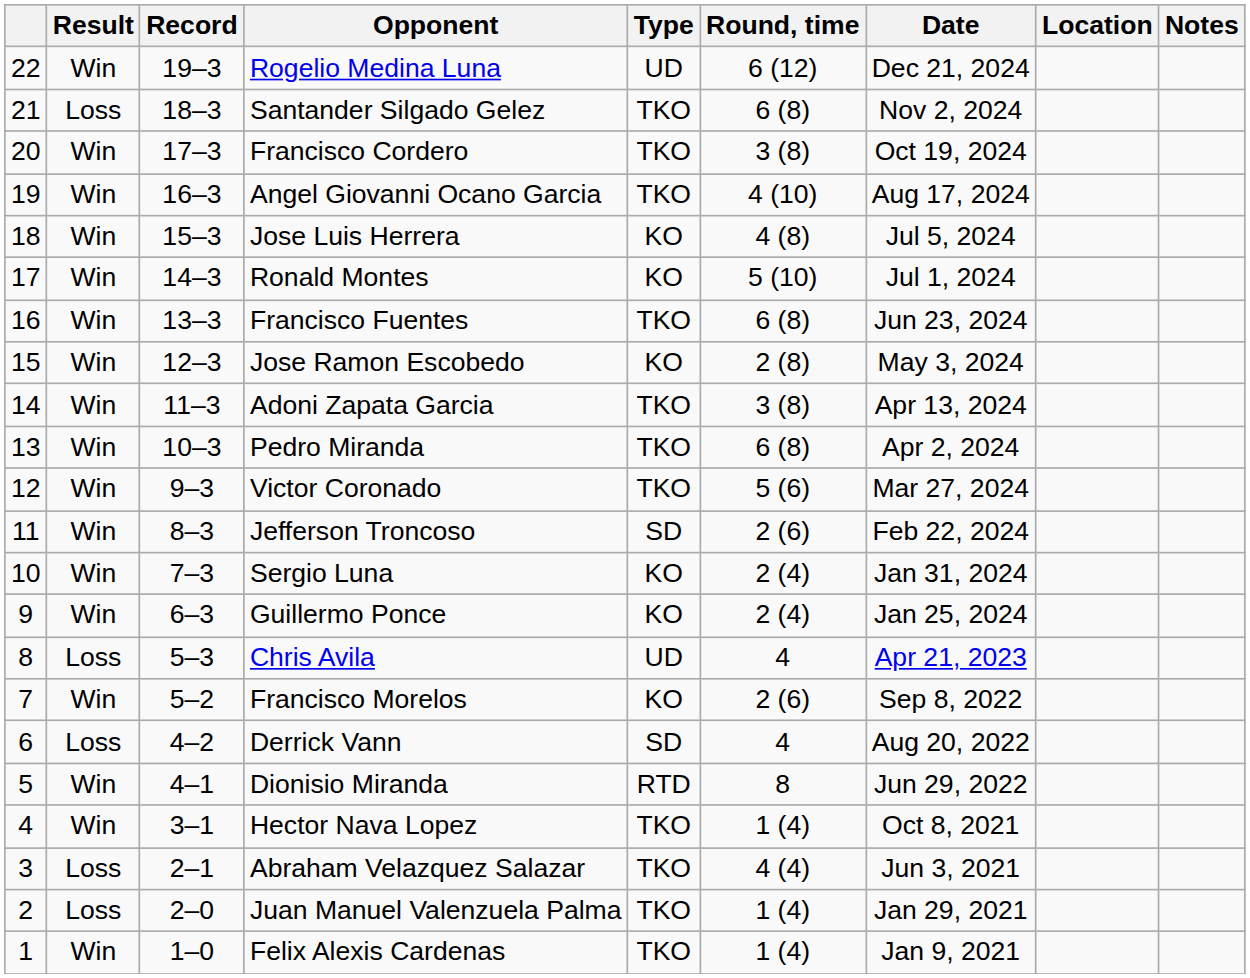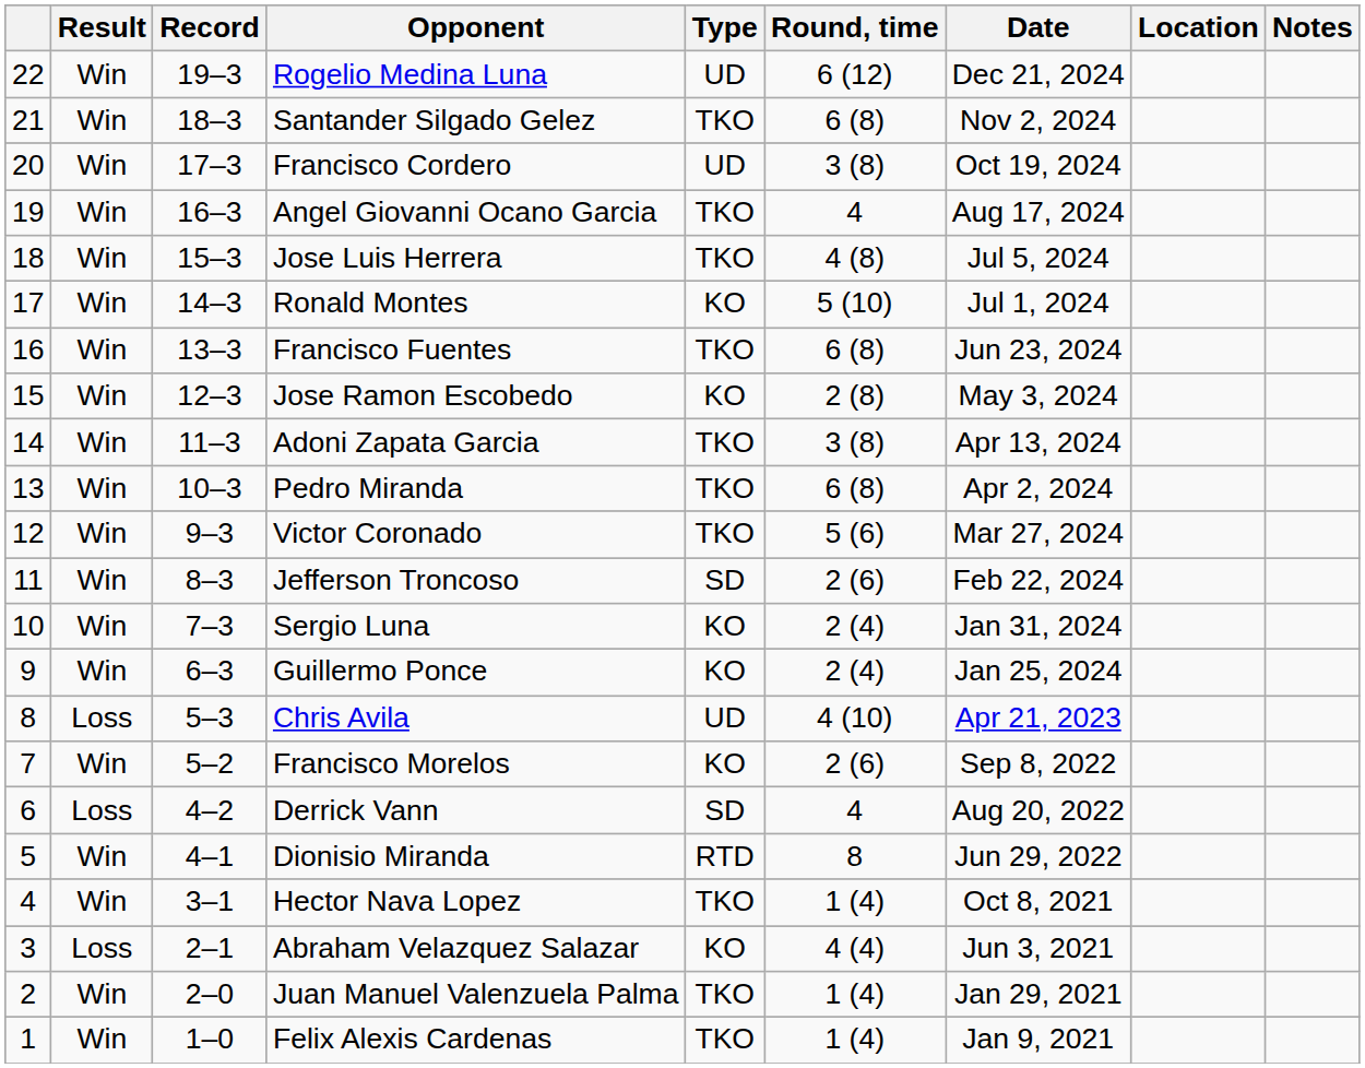 <table class="wikitable" style="text-align:center">
 <tr>
 <th></th>
 <th>Result</th>
 <th>Record</th>
 <th>Opponent</th>
 <th>Type</th>
 <th>Round, time</th>
 <th>Date</th>
 <th>Location</th>
 <th>Notes</th>
 </tr>
 <tr>
 <td>22</td>
 <td>Win</td>
 <td>19–3</td>
 <td align=left><a href='#'>Rogelio Medina Luna</a></td>
 <td>UD</td>
 <td>6 (12) </td>
 <td>Dec 21, 2024</td>
 <td align=left></td>
 <td align=left></td>
 </tr>
 <tr align=center>
 <td>21</td>
-<td>Loss</td>
+<td>Win</td>
 <td>18–3</td>
 <td align=left>Santander Silgado Gelez</td>
 <td>TKO</td>
 <td>6 (8)</td>
 <td>Nov 2, 2024</td>
 <td align=left></td>
 <td align=left></td>
 </tr>
 <tr align=center>
 <td>20</td>
 <td>Win</td>
 <td>17–3</td>
 <td align=left>Francisco Cordero</td>
-<td>TKO</td>
+<td>UD</td>
 <td>3 (8) </td>
 <td>Oct 19, 2024</td>
 <td align=left></td>
 <td align=left></td>
 </tr>
 <tr align=center>
 <td>19</td>
 <td>Win</td>
 <td>16–3</td>
 <td align=left>Angel Giovanni Ocano Garcia</td>
 <td>TKO</td>
-<td>4 (10) </td>
+<td>4</td>
 <td>Aug 17, 2024</td>
 <td align=left></td>
 <td align=left></td>
 </tr>
 <tr align=center>
 <td>18</td>
 <td>Win</td>
 <td>15–3</td>
 <td align=left>Jose Luis Herrera</td>
-<td>KO</td>
+<td>TKO</td>
 <td>4 (8) </td>
 <td>Jul 5, 2024</td>
 <td align=left></td>
 <td align=left></td>
 </tr>
 <tr align=center>
 <td>17</td>
 <td>Win</td>
 <td>14–3</td>
 <td align=left>Ronald Montes</td>
 <td>KO</td>
 <td>5 (10) </td>
 <td>Jul 1, 2024</td>
 <td align=left></td>
 <td align=left></td>
 </tr>
 <tr align=center>
 <td>16</td>
 <td>Win</td>
 <td>13–3</td>
 <td align=left>Francisco Fuentes</td>
 <td>TKO</td>
 <td>6 (8) </td>
 <td>Jun 23, 2024</td>
 <td align=left></td>
 <td align=left></td>
 </tr>
 <tr align=center>
 <td>15</td>
 <td>Win</td>
 <td>12–3</td>
 <td align=left>Jose Ramon Escobedo</td>
 <td>KO</td>
 <td>2 (8) </td>
 <td>May 3, 2024</td>
 <td align=left></td>
 <td align=left></td>
 </tr>
 <tr align=center>
 <td>14</td>
 <td>Win</td>
 <td>11–3</td>
 <td align=left>Adoni Zapata Garcia</td>
 <td>TKO</td>
 <td>3 (8)</td>
 <td>Apr 13, 2024</td>
 <td align=left></td>
 <td align=left></td>
 </tr>
 <tr align=center>
 <td>13</td>
 <td>Win</td>
 <td>10–3</td>
 <td align=left>Pedro Miranda</td>
 <td>TKO</td>
 <td>6 (8) </td>
 <td>Apr 2, 2024</td>
 <td align=left></td>
 <td align=left></td>
 </tr>
 <tr align=center>
 <td>12</td>
 <td>Win</td>
 <td>9–3</td>
 <td align=left>Victor Coronado</td>
 <td>TKO</td>
 <td>5 (6) </td>
 <td>Mar 27, 2024</td>
 <td align=left></td>
 <td align=left></td>
 </tr>
 <tr align=center>
 <td>11</td>
 <td>Win</td>
 <td>8–3</td>
 <td align=left>Jefferson Troncoso</td>
 <td>SD</td>
 <td>2 (6) </td>
 <td>Feb 22, 2024</td>
 <td align=left></td>
 <td align=left></td>
 </tr>
 <tr align=center>
 <td>10</td>
 <td>Win</td>
 <td>7–3</td>
 <td align=left>Sergio Luna</td>
 <td>KO</td>
 <td>2 (4) </td>
 <td>Jan 31, 2024</td>
 <td align=left></td>
 <td align=left></td>
 </tr>
 <tr align=center>
 <td>9</td>
 <td>Win</td>
 <td>6–3</td>
 <td align=left>Guillermo Ponce</td>
 <td>KO</td>
 <td>2 (4) </td>
 <td>Jan 25, 2024</td>
 <td align=left></td>
 <td align=left></td>
 </tr>
 <tr align=center>
 <td>8</td>
 <td>Loss</td>
 <td>5–3</td>
 <td align=left><a href='#'>Chris Avila</a></td>
 <td>UD</td>
-<td>4</td>
+<td>4 (10) </td>
 <td><a href='#'>Apr 21, 2023</a></td>
 <td align=left></td>
 <td align=left></td>
 </tr>
 <tr align=center>
 <td>7</td>
 <td>Win</td>
 <td>5–2</td>
 <td align=left>Francisco Morelos</td>
 <td>KO</td>
 <td>2 (6) </td>
 <td>Sep 8, 2022</td>
 <td align=left></td>
 <td align=left></td>
 </tr>
 <tr align=center>
 <td>6</td>
 <td>Loss</td>
 <td>4–2</td>
 <td align=left>Derrick Vann</td>
 <td>SD</td>
 <td>4</td>
 <td>Aug 20, 2022</td>
 <td align=left></td>
 <td align=left></td>
 </tr>
 <tr align=center>
 <td>5</td>
 <td>Win</td>
 <td>4–1</td>
 <td align=left>Dionisio Miranda</td>
 <td>RTD</td>
 <td>8</td>
 <td>Jun 29, 2022</td>
 <td align=left></td>
 <td align=left></td>
 </tr>
 <tr align=center>
 <td>4</td>
 <td>Win</td>
 <td>3–1</td>
 <td align=left>Hector Nava Lopez</td>
 <td>TKO</td>
 <td>1 (4) </td>
 <td>Oct 8, 2021</td>
 <td align=left></td>
 <td align=left></td>
 </tr>
 <tr>
 <td>3</td>
 <td>Loss</td>
 <td>2–1</td>
 <td align=left>Abraham Velazquez Salazar</td>
-<td>TKO</td>
+<td>KO</td>
 <td>4 (4) </td>
 <td>Jun 3, 2021</td>
 <td align=left></td>
 <td></td>
 </tr>
 <tr>
 <td>2</td>
-<td>Loss</td>
+<td>Win</td>
 <td>2–0</td>
 <td align=left>Juan Manuel Valenzuela Palma</td>
 <td>TKO</td>
 <td>1 (4) </td>
 <td>Jan 29, 2021</td>
 <td align=left></td>
 <td></td>
 </tr>
 <tr>
 <td>1</td>
 <td>Win</td>
 <td>1–0</td>
 <td align=left>Felix Alexis Cardenas</td>
 <td>TKO</td>
 <td>1 (4) </td>
 <td>Jan 9, 2021</td>
 <td align=left></td>
 <td></td>
 </tr>
 <tr>
 </tr>
 </table>
